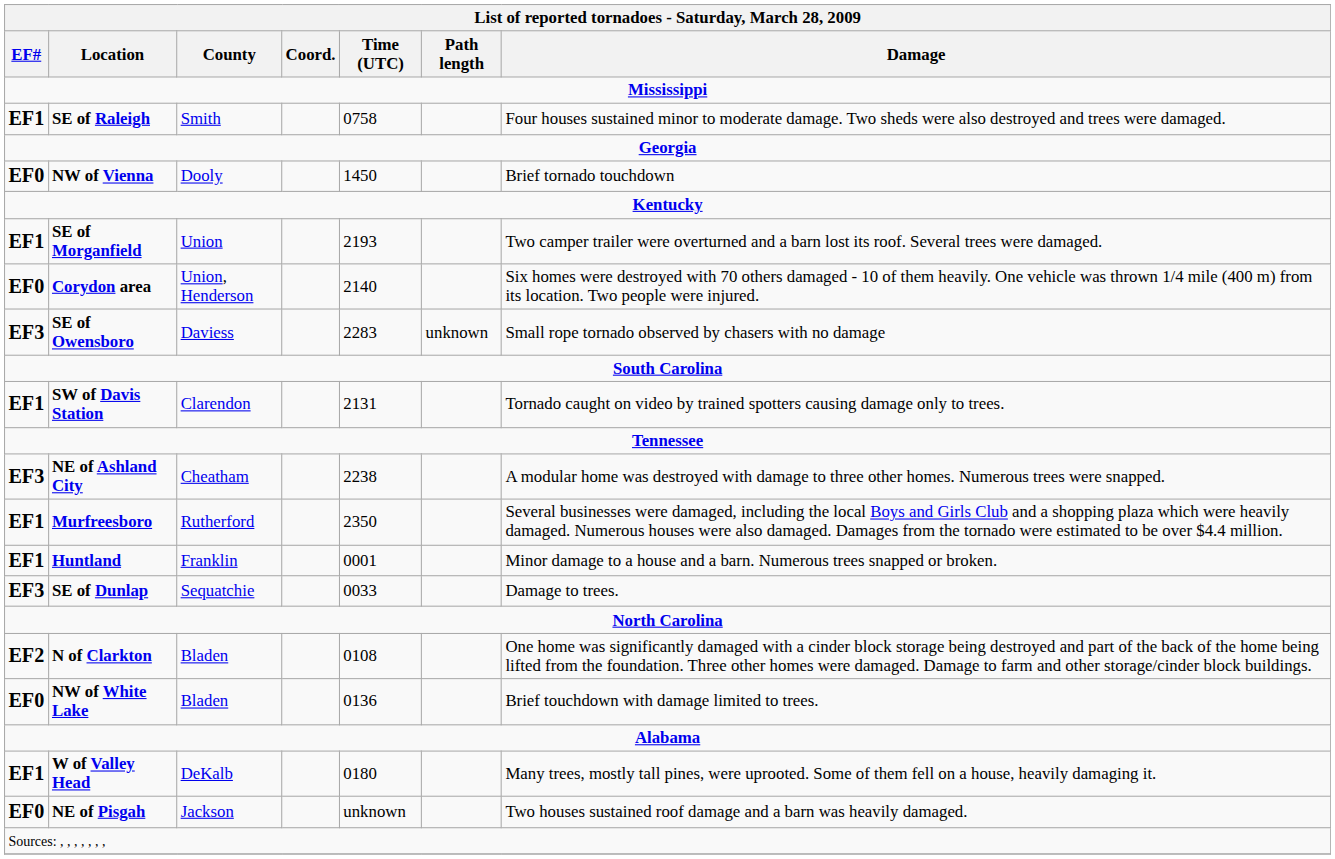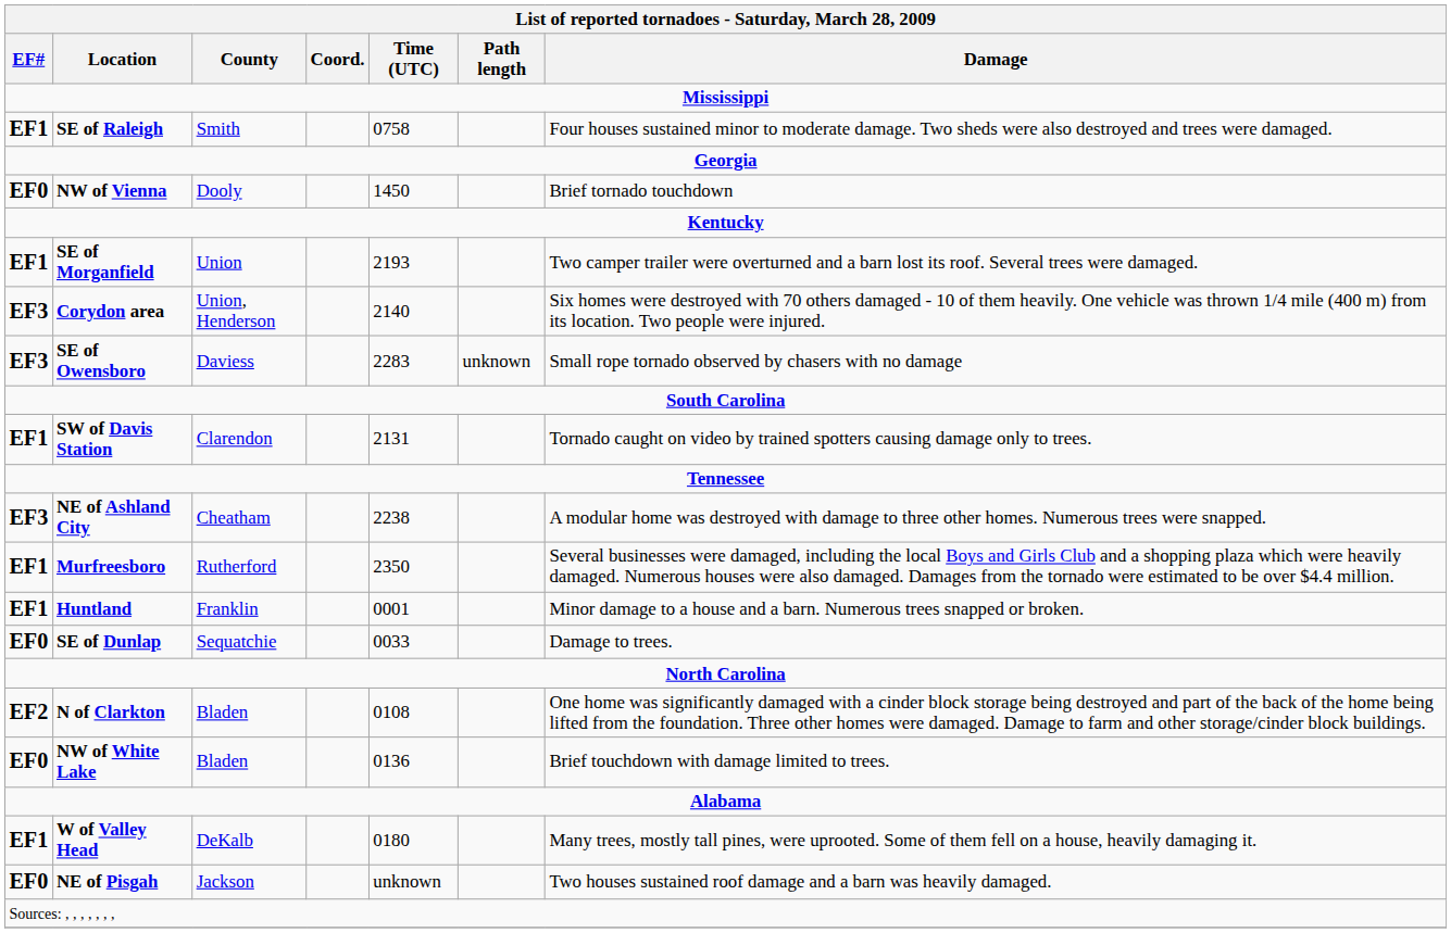 <table class="wikitable collapsible" width="100%">
 <tr>
 <th colspan="7">List of reported tornadoes - Saturday, March 28, 2009</th>
 </tr>
 <tr>
 <th><a href='#'>EF#</a></th>
 <th>Location</th>
 <th>County</th>
 <th>Coord.</th>
 <th>Time (UTC)</th>
 <th>Path length</th>
 <th>Damage</th>
 </tr>
 <tr>
 <td colspan="7" align=center><strong><a href='#'>Mississippi</a></strong></td>
 </tr>
 <tr>
 <td><big><strong>EF1</strong></big></td>
 <td><strong>SE of <a href='#'>Raleigh</a></strong></td>
 <td><a href='#'>Smith</a></td>
 <td></td>
 <td>0758</td>
 <td></td>
 <td>Four houses sustained minor to moderate damage. Two sheds were also destroyed and trees were damaged.</td>
 </tr>
 <tr>
 <td colspan="7" align=center><strong><a href='#'>Georgia</a></strong></td>
 </tr>
 <tr>
 <td><big><strong>EF0</strong></big></td>
 <td><strong>NW of <a href='#'>Vienna</a></strong></td>
 <td><a href='#'>Dooly</a></td>
 <td></td>
 <td>1450</td>
 <td></td>
 <td>Brief tornado touchdown</td>
 </tr>
 <tr>
 <td colspan="7" align=center><strong><a href='#'>Kentucky</a></strong></td>
 </tr>
 <tr>
 <td><big><strong>EF1</strong></big></td>
 <td><strong>SE of <a href='#'>Morganfield</a></strong></td>
 <td><a href='#'>Union</a></td>
 <td></td>
 <td>2193</td>
 <td></td>
 <td>Two camper trailer were overturned and a barn lost its roof. Several trees were damaged.</td>
 </tr>
 <tr>
-<td><big><strong>EF0</strong></big></td>
+<td><big><strong>EF3</strong></big></td>
 <td><strong><a href='#'>Corydon</a> area</strong></td>
 <td><a href='#'>Union</a>, <a href='#'>Henderson</a></td>
 <td></td>
 <td>2140</td>
 <td></td>
 <td>Six homes were destroyed with 70 others damaged - 10 of them heavily. One vehicle was thrown 1/4 mile (400 m) from its location. Two people were injured.</td>
 </tr>
 <tr>
 <td><big><strong>EF3</strong></big></td>
 <td><strong>SE of <a href='#'>Owensboro</a></strong></td>
 <td><a href='#'>Daviess</a></td>
 <td></td>
 <td>2283</td>
 <td>unknown</td>
 <td>Small rope tornado observed by chasers with no damage</td>
 </tr>
 <tr>
 <td colspan="7" align=center><strong><a href='#'>South Carolina</a></strong></td>
 </tr>
 <tr>
 <td><big><strong>EF1</strong></big></td>
 <td><strong>SW of <a href='#'>Davis Station</a></strong></td>
 <td><a href='#'>Clarendon</a></td>
 <td></td>
 <td>2131</td>
 <td></td>
 <td>Tornado caught on video by trained spotters causing damage only to trees.</td>
 </tr>
 <tr>
 <td colspan="7" align=center><strong><a href='#'>Tennessee</a></strong></td>
 </tr>
 <tr>
 <td><big><strong>EF3</strong></big></td>
 <td><strong>NE of <a href='#'>Ashland City</a></strong></td>
 <td><a href='#'>Cheatham</a></td>
 <td></td>
 <td>2238</td>
 <td></td>
 <td>A modular home was destroyed with damage to three other homes. Numerous trees were snapped.</td>
 </tr>
 <tr>
 <td><big><strong>EF1</strong></big></td>
 <td><strong><a href='#'>Murfreesboro</a></strong></td>
 <td><a href='#'>Rutherford</a></td>
 <td></td>
 <td>2350</td>
 <td></td>
 <td>Several businesses were damaged, including the local <a href='#'>Boys and Girls Club</a> and a shopping plaza which were heavily damaged. Numerous houses were also damaged. Damages from the tornado were estimated to be over $4.4 million.</td>
 </tr>
 <tr>
 <td><big><strong>EF1</strong></big></td>
 <td><strong><a href='#'>Huntland</a></strong></td>
 <td><a href='#'>Franklin</a></td>
 <td></td>
 <td>0001</td>
 <td></td>
 <td>Minor damage to a house and a barn. Numerous trees snapped or broken.</td>
 </tr>
 <tr>
-<td><big><strong>EF3</strong></big></td>
+<td><big><strong>EF0</strong></big></td>
 <td><strong>SE of <a href='#'>Dunlap</a></strong></td>
 <td><a href='#'>Sequatchie</a></td>
 <td></td>
 <td>0033</td>
 <td></td>
 <td>Damage to trees.</td>
 </tr>
 <tr>
 <td colspan="7" align=center><strong><a href='#'>North Carolina</a></strong></td>
 </tr>
 <tr>
 <td><big><strong>EF2</strong></big></td>
 <td><strong>N of <a href='#'>Clarkton</a></strong></td>
 <td><a href='#'>Bladen</a></td>
 <td></td>
 <td>0108</td>
 <td></td>
 <td>One home was significantly damaged with a cinder block storage being destroyed and part of the back of the home being lifted from the foundation. Three other homes were damaged. Damage to farm and other storage/cinder block buildings.</td>
 </tr>
 <tr>
 <td><big><strong>EF0</strong></big></td>
 <td><strong>NW of <a href='#'>White Lake</a></strong></td>
 <td><a href='#'>Bladen</a></td>
 <td></td>
 <td>0136</td>
 <td></td>
 <td>Brief touchdown with damage limited to trees.</td>
 </tr>
 <tr>
 <td colspan="7" align=center><strong><a href='#'>Alabama</a></strong></td>
 </tr>
 <tr>
 <td><big><strong>EF1</strong></big></td>
 <td><strong>W of <a href='#'>Valley Head</a></strong></td>
 <td><a href='#'>DeKalb</a></td>
 <td></td>
 <td>0180</td>
 <td></td>
 <td>Many trees, mostly tall pines, were uprooted. Some of them fell on a house, heavily damaging it.</td>
 </tr>
 <tr>
 <td><big><strong>EF0</strong></big></td>
 <td><strong>NE of <a href='#'>Pisgah</a></strong></td>
 <td><a href='#'>Jackson</a></td>
 <td></td>
 <td>unknown</td>
 <td></td>
 <td>Two houses sustained roof damage and a barn was heavily damaged.</td>
 </tr>
 <tr>
 <td colspan="7"><small>Sources: , , , , , , , </small></td>
 </tr>
 <tr>
 </tr>
 </table>
